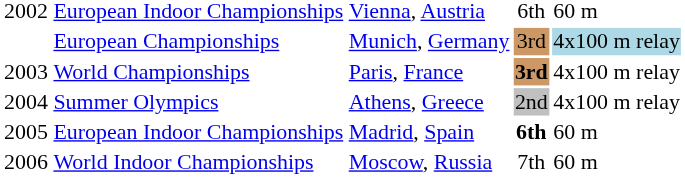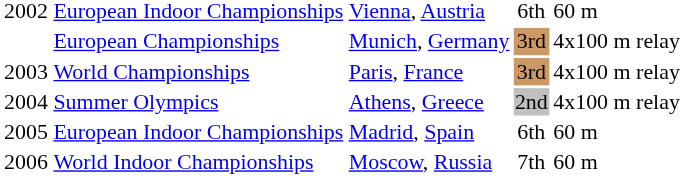 <table>
 <tr>
 <td>2002</td>
 <td><a href='#'>European Indoor Championships</a></td>
 <td><a href='#'>Vienna</a>, <a href='#'>Austria</a></td>
 <td align="center">6th</td>
 <td>60 m</td>
 </tr>
 <tr>
 <td></td>
 <td><a href='#'>European Championships</a></td>
 <td><a href='#'>Munich</a>, <a href='#'>Germany</a></td>
 <td bgcolor="cc9966" align="center">3rd</td>
-<td style="background: lightblue;">4x100 m relay</td>
+<td>4x100 m relay</td>
 </tr>
 <tr>
 <td>2003</td>
 <td><a href='#'>World Championships</a></td>
 <td><a href='#'>Paris</a>, <a href='#'>France</a></td>
-<td bgcolor="cc9966" align="center"><strong>3rd</strong></td>
+<td bgcolor="cc9966" align="center">3rd</td>
 <td>4x100 m relay</td>
 </tr>
 <tr>
 <td>2004</td>
 <td><a href='#'>Summer Olympics</a></td>
 <td><a href='#'>Athens</a>, <a href='#'>Greece</a></td>
 <td bgcolor="silver" align="center">2nd</td>
 <td>4x100 m relay</td>
 </tr>
 <tr>
 <td>2005</td>
 <td><a href='#'>European Indoor Championships</a></td>
 <td><a href='#'>Madrid</a>, <a href='#'>Spain</a></td>
-<td align="center"><strong>6th</strong></td>
+<td align="center">6th</td>
 <td>60 m</td>
 </tr>
 <tr>
 <td>2006</td>
 <td><a href='#'>World Indoor Championships</a></td>
 <td><a href='#'>Moscow</a>, <a href='#'>Russia</a></td>
 <td align="center">7th</td>
 <td>60 m</td>
 </tr>
 </table>
